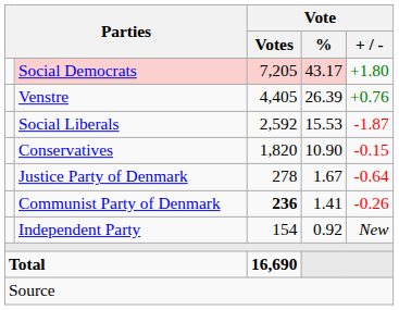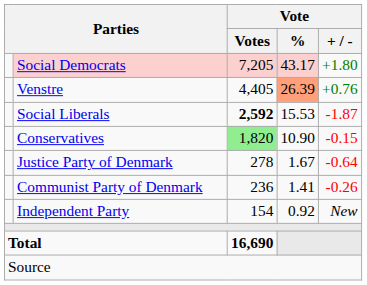 <table class="wikitable" style="text-align:right;">
 <tr>
 <th style="text-align:centre;" rowspan="2" colspan="2" width="225">Parties</th>
 <th colspan="3">Vote</th>
 </tr>
 <tr>
 <th width="15">Votes</th>
 <th width="15">%</th>
 <th width="15">+ / -</th>
 </tr>
 <tr>
 <td width="2" style="color:inherit;background:"></td>
 <td bgcolor=#fbd0ce  align="left"><a href='#'>Social Democrats</a></td>
 <td bgcolor=#fbd0ce>7,205</td>
 <td bgcolor=#fbd0ce>43.17</td>
 <td style=color:green;>+1.80</td>
 </tr>
 <tr>
 <td width="2" style="color:inherit;background:"></td>
 <td align="left"><a href='#'>Venstre</a></td>
 <td>4,405</td>
-<td>26.39</td>
+<td style="background: lightsalmon;">26.39</td>
 <td style=color:green;>+0.76</td>
 </tr>
 <tr>
 <td width="2" style="color:inherit;background:"></td>
 <td align="left"><a href='#'>Social Liberals</a></td>
-<td>2,592</td>
+<td><strong>2,592</strong></td>
 <td>15.53</td>
 <td style=color:red;>-1.87</td>
 </tr>
 <tr>
 <td width="2" style="color:inherit;background:"></td>
 <td align="left"><a href='#'>Conservatives</a></td>
-<td>1,820</td>
+<td style="background: lightgreen;">1,820</td>
 <td>10.90</td>
 <td style=color:red;>-0.15</td>
 </tr>
 <tr>
 <td width="2" style="color:inherit;background:"></td>
 <td align="left"><a href='#'>Justice Party of Denmark</a></td>
 <td>278</td>
 <td>1.67</td>
 <td style=color:red;>-0.64</td>
 </tr>
 <tr>
 <td width="2" style="color:inherit;background:"></td>
 <td align="left"><a href='#'>Communist Party of Denmark</a></td>
-<td><strong>236</strong></td>
+<td>236</td>
 <td>1.41</td>
 <td style=color:red;>-0.26</td>
 </tr>
 <tr>
 <td width="2" style="color:inherit;background:"></td>
 <td align="left"><a href='#'>Independent Party</a></td>
 <td>154</td>
 <td>0.92</td>
 <td><em>New</em></td>
 </tr>
 <tr>
 <td colspan="7" bgcolor="#E9E9E9"></td>
 </tr>
 <tr>
 <td align="left" colspan="2"><strong>Total</strong></td>
 <td><strong>16,690</strong></td>
 <td bgcolor="#E9E9E9" colspan="2"></td>
 </tr>
 <tr>
 <td align="left" colspan="6">Source</td>
 </tr>
 </table>
